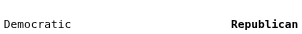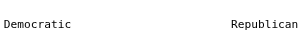 <table style="width:60%; text-align:center">
 <tr style="color:white">
 <td style="background:"><strong>257</strong></td>
 <td style="background:"><strong>178</strong></td>
 </tr>
 <tr>
 <td>Democratic</td>
-<td><strong>Republican</strong></td>
+<td>Republican</td>
 </tr>
 </table>
